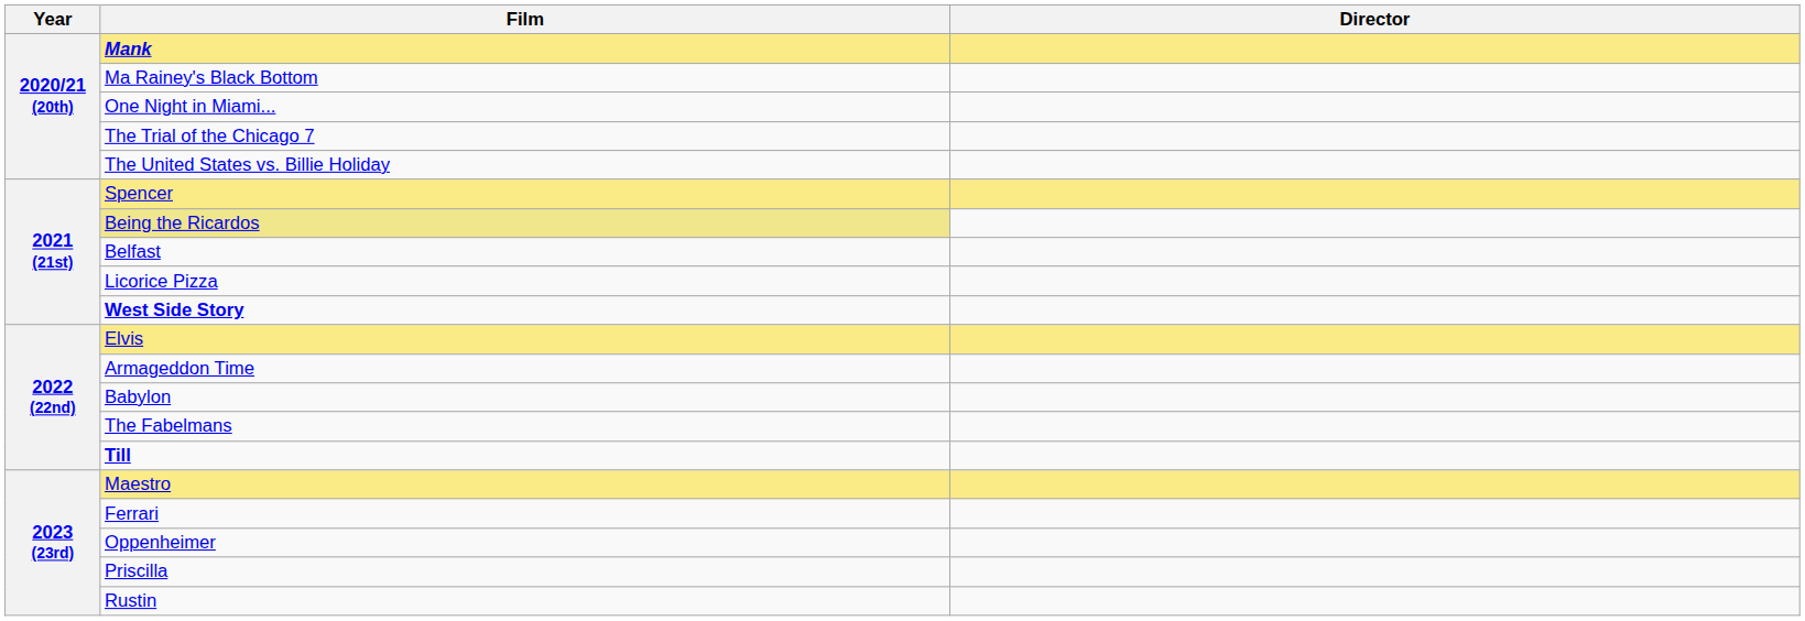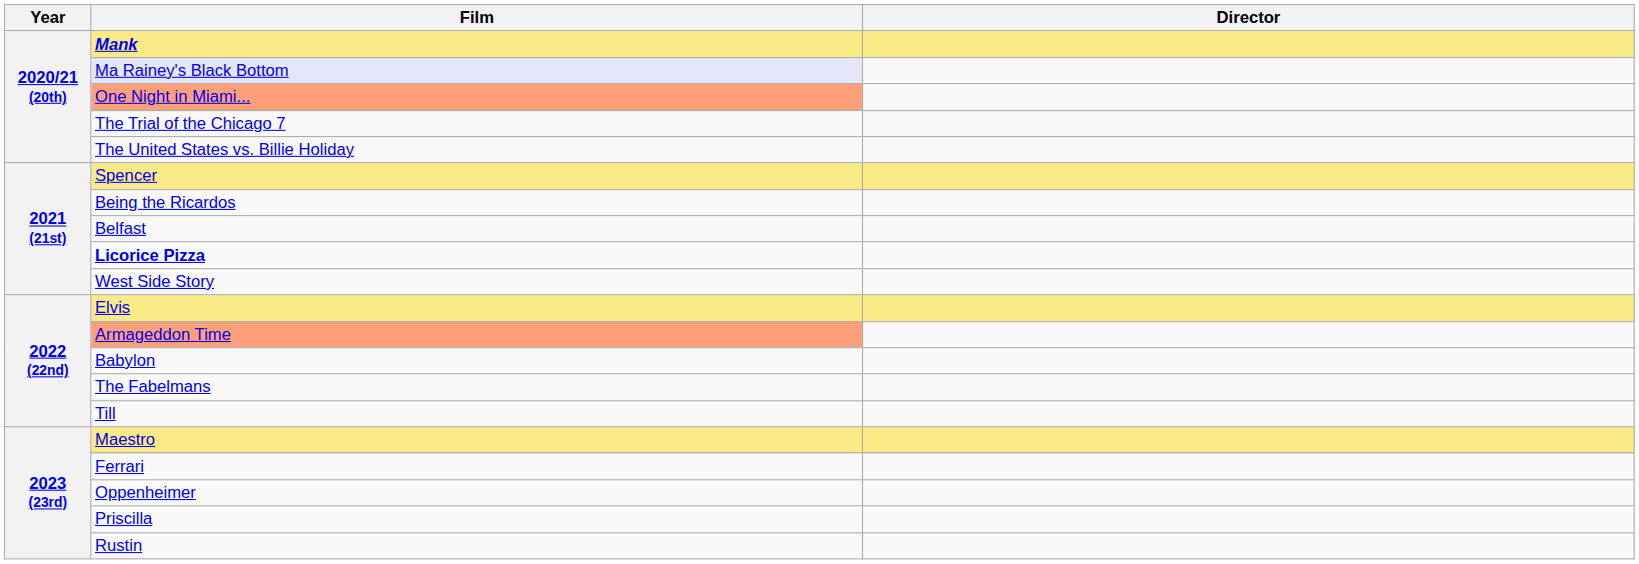 <table class="wikitable">
 <tr>
 <th width="2%">Year</th>
 <th width="30%">Film</th>
 <th width="30%">Director</th>
 </tr>
 <tr>
 <th scope="row" rowspan=5 style="text-align:center;"><a href='#'>2020/21</a><br><small><a href='#'>(20th)</a></small><br><br> </th>
 <td style="background:#FAEB86"><strong><em><a href='#'>Mank</a><em><strong></td>
 <td style="background:#FAEB86"></strong><strong></td>
 </tr>
 <tr>
-<td></em><a href='#'>Ma Rainey's Black Bottom</a><em></td>
+<td style="background: lavender;"></em><a href='#'>Ma Rainey's Black Bottom</a><em></td>
 <td></td>
 </tr>
 <tr>
-<td></em><a href='#'>One Night in Miami...</a><em></td>
+<td style="background: lightsalmon;"></em><a href='#'>One Night in Miami...</a><em></td>
 <td></td>
 </tr>
 <tr>
 <td></em><a href='#'>The Trial of the Chicago 7</a><em></td>
 <td></td>
 </tr>
 <tr>
 <td></em><a href='#'>The United States vs. Billie Holiday</a><em></td>
 <td></td>
 </tr>
 <tr>
 <th scope="row" rowspan=5 style="text-align:center;"><a href='#'>2021</a><br><small><a href='#'>(21st)</a></small><br> </th>
 <td style="background:#FAEB86"></em></strong><a href='#'>Spencer</a><strong><em></td>
 <td style="background:#FAEB86"></strong><strong></td>
 </tr>
 <tr>
-<td style="background: khaki;"></em><a href='#'>Being the Ricardos</a><em></td>
+<td></em><a href='#'>Being the Ricardos</a><em></td>
 <td></td>
 </tr>
 <tr>
 <td></em><a href='#'>Belfast</a><em></td>
 <td></td>
 </tr>
 <tr>
-<td></em><a href='#'>Licorice Pizza</a><em></td>
+<td><strong></em><a href='#'>Licorice Pizza</a><em></strong></td>
 <td></td>
 </tr>
 <tr>
-<td><strong></em><a href='#'>West Side Story</a><em></strong></td>
+<td></em><a href='#'>West Side Story</a><em></td>
 <td></td>
 </tr>
 <tr>
 <th scope="row" rowspan=5 style="text-align:center;"><a href='#'>2022</a><br><small><a href='#'>(22nd)</a></small><br></th>
 <td style="background:#FAEB86"></em></strong><a href='#'>Elvis</a><strong><em></td>
 <td style="background:#FAEB86"></strong><strong></td>
 </tr>
 <tr>
-<td></em><a href='#'>Armageddon Time</a><em></td>
+<td style="background: lightsalmon;"></em><a href='#'>Armageddon Time</a><em></td>
 <td></td>
 </tr>
 <tr>
 <td></em><a href='#'>Babylon</a><em></td>
 <td></td>
 </tr>
 <tr>
 <td></em><a href='#'>The Fabelmans</a><em></td>
 <td></td>
 </tr>
 <tr>
-<td><strong></em><a href='#'>Till</a><em></strong></td>
+<td></em><a href='#'>Till</a><em></td>
 <td></td>
 </tr>
 <tr>
 <th scope="row" rowspan=5 style="text-align:center;"><a href='#'>2023</a><br><small><a href='#'>(23rd)</a></small><br></th>
 <td style="background:#FAEB86"></em></strong><a href='#'>Maestro</a><strong><em></td>
 <td style="background:#FAEB86"></strong><strong></td>
 </tr>
 <tr>
 <td></em><a href='#'>Ferrari</a><em></td>
 <td></td>
 </tr>
 <tr>
 <td></em><a href='#'>Oppenheimer</a><em></td>
 <td></td>
 </tr>
 <tr>
 <td></em><a href='#'>Priscilla</a><em></td>
 <td></td>
 </tr>
 <tr>
 <td></em><a href='#'>Rustin</a><em></td>
 <td></td>
 </tr>
 </table>
